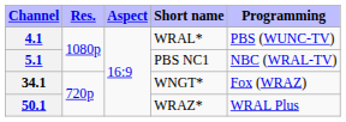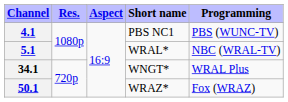 <table class="wikitable">
 <tr>
 <th style="background-color: #bdbdff" scope = "col"><a href='#'>Channel</a></th>
 <th style="background-color: #bdbdff" scope = "col"><a href='#'>Res.</a></th>
 <th style="background-color: #bdbdff" scope = "col"><a href='#'>Aspect</a></th>
 <th style="background-color: #bdbdff" scope = "col">Short name</th>
 <th style="background-color: #bdbdff" scope = "col">Programming</th>
 </tr>
 <tr>
 <th scope = "row"><a href='#'>4.1</a></th>
 <td rowspan=2><a href='#'>1080p</a></td>
 <td rowspan=4><a href='#'>16:9</a></td>
-<td>WRAL*</td>
+<td>PBS NC1</td>
 <td><a href='#'>PBS</a> (<a href='#'>WUNC-TV</a>)</td>
 </tr>
 <tr>
 <th scope = "row"><a href='#'>5.1</a></th>
-<td>PBS NC1</td>
+<td>WRAL*</td>
 <td><a href='#'>NBC</a> (<a href='#'>WRAL-TV</a>)</td>
 </tr>
 <tr>
 <th scope = "row">34.1</th>
 <td rowspan=2><a href='#'>720p</a></td>
 <td>WNGT*</td>
-<td><a href='#'>Fox</a> (<a href='#'>WRAZ</a>)</td>
+<td><a href='#'>WRAL Plus</a></td>
 </tr>
 <tr>
 <th scope = "row"><a href='#'>50.1</a></th>
 <td>WRAZ*</td>
-<td><a href='#'>WRAL Plus</a></td>
+<td><a href='#'>Fox</a> (<a href='#'>WRAZ</a>)</td>
 </tr>
 </table>
